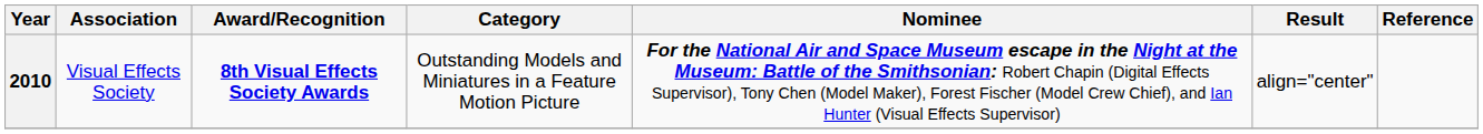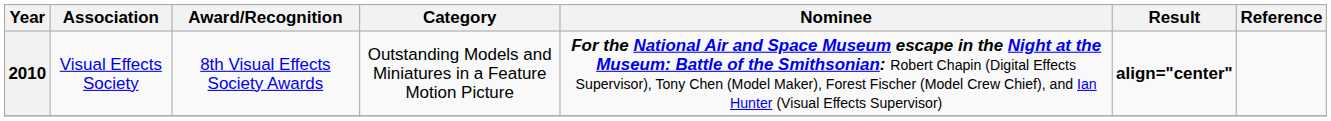 <table class="wikitable">
 <tr>
 <th>Year</th>
 <th>Association</th>
 <th>Award/Recognition</th>
 <th>Category</th>
 <th>Nominee</th>
 <th>Result</th>
 <th>Reference</th>
 </tr>
 <tr>
 <th align="center">2010</th>
 <td align="center"><a href='#'>Visual Effects Society</a></td>
-<td align="center"><strong><a href='#'>8th Visual Effects Society Awards</a></strong></td>
+<td align="center"><a href='#'>8th Visual Effects Society Awards</a></td>
 <td align="center">Outstanding Models and Miniatures in a Feature Motion Picture</td>
 <td align="center"><strong><em>For the <a href='#'>National Air and Space Museum</a> escape in the <a href='#'>Night at the Museum: Battle of the Smithsonian</a>:</em></strong> <small> Robert Chapin (Digital Effects Supervisor), Tony Chen (Model Maker), Forest Fischer (Model Crew Chief), and <a href='#'>Ian Hunter</a> (Visual Effects Supervisor)</small></td>
-<td>align="center" </td>
+<td><strong>align="center" </strong></td>
 <td align="center"></td>
 </tr>
 <tr>
 </tr>
 </table>
